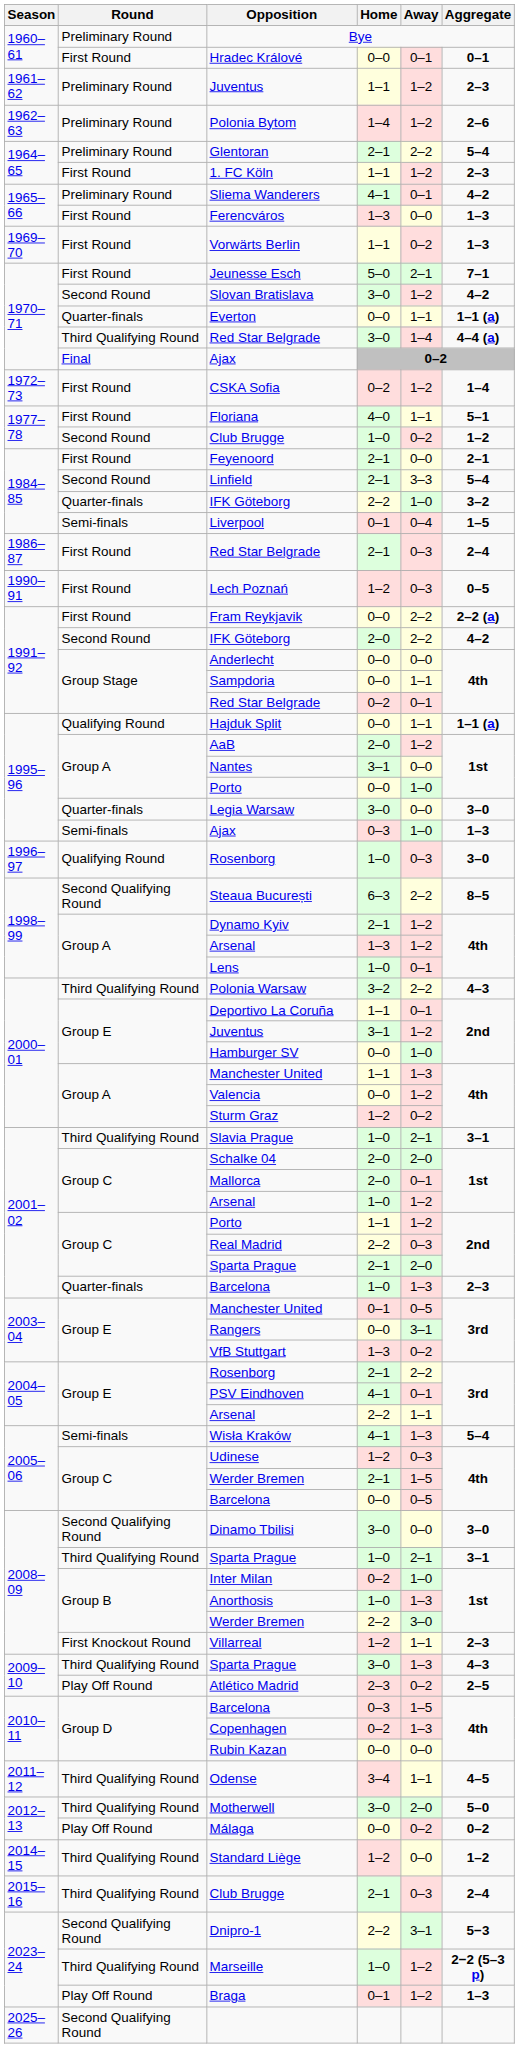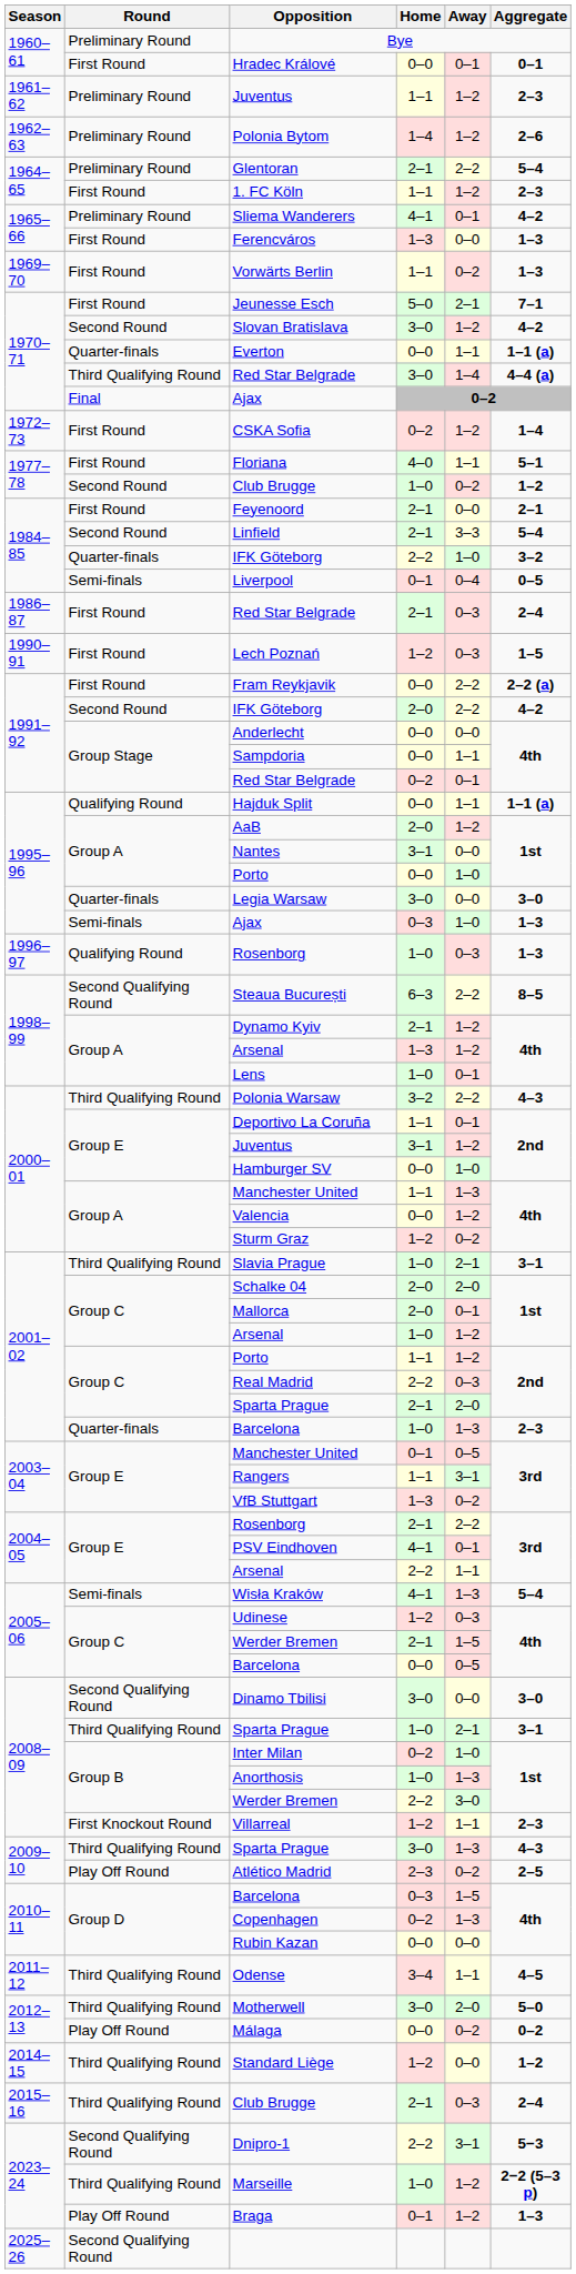 <table class="wikitable">
 <tr>
 <th>Season</th>
 <th width=200>Round</th>
 <th width=200>Opposition</th>
 <th>Home</th>
 <th>Away</th>
 <th>Aggregate</th>
 </tr>
 <tr>
 <td rowspan=2><a href='#'>1960–61</a></td>
 <td>Preliminary Round</td>
 <td colspan=4 style="text-align:center;"><a href='#'>Bye</a></td>
 </tr>
 <tr>
 <td>First Round</td>
 <td align=left> <a href='#'>Hradec Králové</a></td>
 <td style="text-align:center; background:#ffd;">0–0</td>
 <td style="text-align:center; background:#fdd;">0–1</td>
 <td style="text-align:center;"><strong>0–1</strong></td>
 </tr>
 <tr>
 <td><a href='#'>1961–62</a></td>
 <td>Preliminary Round</td>
 <td align=left> <a href='#'>Juventus</a></td>
 <td style="text-align:center; background:#ffd;">1–1</td>
 <td style="text-align:center; background:#fdd;">1–2</td>
 <td style="text-align:center;"><strong>2–3</strong></td>
 </tr>
 <tr>
 <td><a href='#'>1962–63</a></td>
 <td>Preliminary Round</td>
 <td align=left> <a href='#'>Polonia Bytom</a></td>
 <td style="text-align:center; background:#fdd;">1–4</td>
 <td style="text-align:center; background:#fdd;">1–2</td>
 <td style="text-align:center;"><strong>2–6</strong></td>
 </tr>
 <tr>
 <td rowspan=2><a href='#'>1964–65</a></td>
 <td>Preliminary Round</td>
 <td align=left> <a href='#'>Glentoran</a></td>
 <td style="text-align:center; background:#dfd;">2–1</td>
 <td style="text-align:center; background:#ffd;">2–2</td>
 <td style="text-align:center;"><strong>5–4</strong></td>
 </tr>
 <tr>
 <td>First Round</td>
 <td align=left> <a href='#'>1. FC Köln</a></td>
 <td style="text-align:center; background:#ffd;">1–1</td>
 <td style="text-align:center; background:#fdd;">1–2</td>
 <td style="text-align:center;"><strong>2–3</strong></td>
 </tr>
 <tr>
 <td rowspan=2><a href='#'>1965–66</a></td>
 <td>Preliminary Round</td>
 <td align=left> <a href='#'>Sliema Wanderers</a></td>
 <td style="text-align:center; background:#dfd;">4–1</td>
 <td style="text-align:center; background:#fdd;">0–1</td>
 <td style="text-align:center;"><strong>4–2</strong></td>
 </tr>
 <tr>
 <td>First Round</td>
 <td align=left> <a href='#'>Ferencváros</a></td>
 <td style="text-align:center; background:#fdd;">1–3</td>
 <td style="text-align:center; background:#ffd;">0–0</td>
 <td style="text-align:center;"><strong>1–3</strong></td>
 </tr>
 <tr>
 <td><a href='#'>1969–70</a></td>
 <td>First Round</td>
 <td align=left> <a href='#'>Vorwärts Berlin</a></td>
 <td style="text-align:center; background:#ffd;">1–1</td>
 <td style="text-align:center; background:#fdd;">0–2</td>
 <td style="text-align:center;"><strong>1–3</strong></td>
 </tr>
 <tr>
 <td rowspan=5><a href='#'>1970–71</a></td>
 <td>First Round</td>
 <td align=left> <a href='#'>Jeunesse Esch</a></td>
 <td style="text-align:center; background:#dfd;">5–0</td>
 <td style="text-align:center; background:#dfd;">2–1</td>
 <td style="text-align:center;"><strong>7–1</strong></td>
 </tr>
 <tr>
 <td>Second Round</td>
 <td align=left> <a href='#'>Slovan Bratislava</a></td>
 <td style="text-align:center; background:#dfd;">3–0</td>
 <td style="text-align:center; background:#fdd;">1–2</td>
 <td style="text-align:center;"><strong>4–2</strong></td>
 </tr>
 <tr>
 <td>Quarter-finals</td>
 <td align=left> <a href='#'>Everton</a></td>
 <td style="text-align:center; background:#ffd;">0–0</td>
 <td style="text-align:center; background:#ffd;">1–1</td>
 <td style="text-align:center;"><strong>1–1 (<a href='#'>a</a>)</strong></td>
 </tr>
 <tr>
 <td>Third Qualifying Round</td>
 <td align=left> <a href='#'>Red Star Belgrade</a></td>
 <td style="text-align:center; background:#dfd;">3–0</td>
 <td style="text-align:center; background:#fdd;">1–4</td>
 <td style="text-align:center;"><strong>4–4 (<a href='#'>a</a>)</strong></td>
 </tr>
 <tr>
 <td><a href='#'>Final</a></td>
 <td align=left> <a href='#'>Ajax</a></td>
 <td colspan=3 bgcolor=Silver style="text-align:center;"><strong>0–2</strong></td>
 </tr>
 <tr>
 <td><a href='#'>1972–73</a></td>
 <td>First Round</td>
 <td align=left> <a href='#'>CSKA Sofia</a></td>
 <td style="text-align:center; background:#fdd;">0–2</td>
 <td style="text-align:center; background:#fdd;">1–2</td>
 <td style="text-align:center;"><strong>1–4</strong></td>
 </tr>
 <tr>
 <td rowspan=2><a href='#'>1977–78</a></td>
 <td>First Round</td>
 <td align=left> <a href='#'>Floriana</a></td>
 <td style="text-align:center; background:#dfd;">4–0</td>
 <td style="text-align:center; background:#ffd;">1–1</td>
 <td style="text-align:center;"><strong>5–1</strong></td>
 </tr>
 <tr>
 <td>Second Round</td>
 <td align=left> <a href='#'>Club Brugge</a></td>
 <td style="text-align:center; background:#dfd;">1–0</td>
 <td style="text-align:center; background:#fdd;">0–2</td>
 <td style="text-align:center;"><strong>1–2</strong></td>
 </tr>
 <tr>
 <td rowspan=4><a href='#'>1984–85</a></td>
 <td>First Round</td>
 <td align=left> <a href='#'>Feyenoord</a></td>
 <td style="text-align:center; background:#dfd;">2–1</td>
 <td style="text-align:center; background:#ffd;">0–0</td>
 <td style="text-align:center;"><strong>2–1</strong></td>
 </tr>
 <tr>
 <td>Second Round</td>
 <td align=left> <a href='#'>Linfield</a></td>
 <td style="text-align:center; background:#dfd;">2–1</td>
 <td style="text-align:center; background:#ffd;">3–3</td>
 <td style="text-align:center;"><strong>5–4</strong></td>
 </tr>
 <tr>
 <td>Quarter-finals</td>
 <td align=left> <a href='#'>IFK Göteborg</a></td>
 <td style="text-align:center; background:#ffd;">2–2</td>
 <td style="text-align:center; background:#dfd;">1–0</td>
 <td style="text-align:center;"><strong>3–2</strong></td>
 </tr>
 <tr>
 <td>Semi-finals</td>
 <td align=left> <a href='#'>Liverpool</a></td>
 <td style="text-align:center; background:#fdd;">0–1</td>
 <td style="text-align:center; background:#fdd;">0–4</td>
-<td style="text-align:center;"><strong>1–5</strong></td>
+<td style="text-align:center;"><strong>0–5</strong></td>
 </tr>
 <tr>
 <td><a href='#'>1986–87</a></td>
 <td>First Round</td>
 <td align=left> <a href='#'>Red Star Belgrade</a></td>
 <td style="text-align:center; background:#dfd;">2–1</td>
 <td style="text-align:center; background:#fdd;">0–3</td>
 <td style="text-align:center;"><strong>2–4</strong></td>
 </tr>
 <tr>
 <td><a href='#'>1990–91</a></td>
 <td>First Round</td>
 <td align=left> <a href='#'>Lech Poznań</a></td>
 <td style="text-align:center; background:#fdd;">1–2</td>
 <td style="text-align:center; background:#fdd;">0–3</td>
-<td style="text-align:center;"><strong>0–5</strong></td>
+<td style="text-align:center;"><strong>1–5</strong></td>
 </tr>
 <tr>
 <td rowspan=5><a href='#'>1991–92</a></td>
 <td>First Round</td>
 <td align=left> <a href='#'>Fram Reykjavik</a></td>
 <td style="text-align:center; background:#ffd;">0–0</td>
 <td style="text-align:center; background:#ffd;">2–2</td>
 <td style="text-align:center;"><strong>2–2 (<a href='#'>a</a>)</strong></td>
 </tr>
 <tr>
 <td>Second Round</td>
 <td align=left> <a href='#'>IFK Göteborg</a></td>
 <td style="text-align:center; background:#dfd;">2–0</td>
 <td style="text-align:center; background:#ffd;">2–2</td>
 <td style="text-align:center;"><strong>4–2</strong></td>
 </tr>
 <tr>
 <td rowspan=3>Group Stage</td>
 <td align=left> <a href='#'>Anderlecht</a></td>
 <td style="text-align:center; background:#ffd;">0–0</td>
 <td style="text-align:center; background:#ffd;">0–0</td>
 <td style="text-align:center;" rowspan=3><strong>4th</strong></td>
 </tr>
 <tr>
 <td align=left> <a href='#'>Sampdoria</a></td>
 <td style="text-align:center; background:#ffd;">0–0</td>
 <td style="text-align:center; background:#ffd;">1–1</td>
 </tr>
 <tr>
 <td align=left> <a href='#'>Red Star Belgrade</a></td>
 <td style="text-align:center; background:#fdd;">0–2</td>
 <td style="text-align:center; background:#fdd;">0–1</td>
 </tr>
 <tr>
 <td rowspan=6><a href='#'>1995–96</a></td>
 <td>Qualifying Round</td>
 <td align=left> <a href='#'>Hajduk Split</a></td>
 <td style="text-align:center; background:#ffd;">0–0</td>
 <td style="text-align:center; background:#ffd;">1–1</td>
 <td style="text-align:center;"><strong>1–1 (<a href='#'>a</a>)</strong></td>
 </tr>
 <tr>
 <td rowspan=3>Group A</td>
 <td align=left> <a href='#'>AaB</a></td>
 <td style="text-align:center; background:#dfd;">2–0</td>
 <td style="text-align:center; background:#fdd;">1–2</td>
 <td style="text-align:center;" rowspan=3><strong>1st</strong></td>
 </tr>
 <tr>
 <td align=left> <a href='#'>Nantes</a></td>
 <td style="text-align:center; background:#dfd;">3–1</td>
 <td style="text-align:center; background:#ffd;">0–0</td>
 </tr>
 <tr>
 <td align=left> <a href='#'>Porto</a></td>
 <td style="text-align:center; background:#ffd;">0–0</td>
 <td style="text-align:center; background:#dfd;">1–0</td>
 </tr>
 <tr>
 <td>Quarter-finals</td>
 <td align=left> <a href='#'>Legia Warsaw</a></td>
 <td style="text-align:center; background:#dfd;">3–0</td>
 <td style="text-align:center; background:#ffd;">0–0</td>
 <td style="text-align:center;"><strong>3–0</strong></td>
 </tr>
 <tr>
 <td>Semi-finals</td>
 <td align=left> <a href='#'>Ajax</a></td>
 <td style="text-align:center; background:#fdd;">0–3</td>
 <td style="text-align:center; background:#dfd;">1–0</td>
 <td style="text-align:center;"><strong>1–3</strong></td>
 </tr>
 <tr>
 <td><a href='#'>1996–97</a></td>
 <td>Qualifying Round</td>
 <td align=left> <a href='#'>Rosenborg</a></td>
 <td style="text-align:center; background:#dfd;">1–0</td>
 <td style="text-align:center; background:#fdd;">0–3</td>
-<td style="text-align:center;"><strong>3–0</strong></td>
+<td style="text-align:center;"><strong>1–3</strong></td>
 </tr>
 <tr>
 <td rowspan=4><a href='#'>1998–99</a></td>
 <td>Second Qualifying Round</td>
 <td align=left> <a href='#'>Steaua București</a></td>
 <td style="text-align:center; background:#dfd;">6–3</td>
 <td style="text-align:center; background:#ffd;">2–2</td>
 <td style="text-align:center;"><strong>8–5</strong></td>
 </tr>
 <tr>
 <td rowspan=3>Group A</td>
 <td align=left> <a href='#'>Dynamo Kyiv</a></td>
 <td style="text-align:center; background:#dfd;">2–1</td>
 <td style="text-align:center; background:#fdd;">1–2</td>
 <td style="text-align:center;" rowspan=3><strong>4th</strong></td>
 </tr>
 <tr>
 <td align=left> <a href='#'>Arsenal</a></td>
 <td style="text-align:center; background:#fdd;">1–3</td>
 <td style="text-align:center; background:#fdd;">1–2</td>
 </tr>
 <tr>
 <td align=left> <a href='#'>Lens</a></td>
 <td style="text-align:center; background:#dfd;">1–0</td>
 <td style="text-align:center; background:#fdd;">0–1</td>
 </tr>
 <tr>
 <td rowspan=7><a href='#'>2000–01</a></td>
 <td>Third Qualifying Round</td>
 <td align=left> <a href='#'>Polonia Warsaw</a></td>
 <td style="text-align:center; background:#dfd;">3–2</td>
 <td style="text-align:center; background:#ffd;">2–2</td>
 <td style="text-align:center;"><strong>4–3</strong></td>
 </tr>
 <tr>
 <td rowspan=3>Group E</td>
 <td align=left> <a href='#'>Deportivo La Coruña</a></td>
 <td style="text-align:center; background:#ffd;">1–1</td>
 <td style="text-align:center; background:#fdd;">0–1</td>
 <td style="text-align:center;" rowspan=3><strong>2nd</strong></td>
 </tr>
 <tr>
 <td align=left> <a href='#'>Juventus</a></td>
 <td style="text-align:center; background:#dfd;">3–1</td>
 <td style="text-align:center; background:#fdd;">1–2</td>
 </tr>
 <tr>
 <td align=left> <a href='#'>Hamburger SV</a></td>
 <td style="text-align:center; background:#ffd;">0–0</td>
 <td style="text-align:center; background:#dfd;">1–0</td>
 </tr>
 <tr>
 <td rowspan=3>Group A</td>
 <td align=left> <a href='#'>Manchester United</a></td>
 <td style="text-align:center; background:#ffd;">1–1</td>
 <td style="text-align:center; background:#fdd;">1–3</td>
 <td style="text-align:center;" rowspan=3><strong>4th</strong></td>
 </tr>
 <tr>
 <td align=left> <a href='#'>Valencia</a></td>
 <td style="text-align:center; background:#ffd;">0–0</td>
 <td style="text-align:center; background:#fdd;">1–2</td>
 </tr>
 <tr>
 <td align=left> <a href='#'>Sturm Graz</a></td>
 <td style="text-align:center; background:#fdd;">1–2</td>
 <td style="text-align:center; background:#fdd;">0–2</td>
 </tr>
 <tr>
 <td rowspan=8><a href='#'>2001–02</a></td>
 <td>Third Qualifying Round</td>
 <td align=left> <a href='#'>Slavia Prague</a></td>
 <td style="text-align:center; background:#dfd;">1–0</td>
 <td style="text-align:center; background:#dfd;">2–1</td>
 <td style="text-align:center;"><strong>3–1</strong></td>
 </tr>
 <tr>
 <td rowspan=3>Group C</td>
 <td align=left> <a href='#'>Schalke 04</a></td>
 <td style="text-align:center; background:#dfd;">2–0</td>
 <td style="text-align:center; background:#dfd;">2–0</td>
 <td style="text-align:center;" rowspan=3><strong>1st</strong></td>
 </tr>
 <tr>
 <td align=left> <a href='#'>Mallorca</a></td>
 <td style="text-align:center; background:#dfd;">2–0</td>
 <td style="text-align:center; background:#fdd;">0–1</td>
 </tr>
 <tr>
 <td align=left> <a href='#'>Arsenal</a></td>
 <td style="text-align:center; background:#dfd;">1–0</td>
 <td style="text-align:center; background:#fdd;">1–2</td>
 </tr>
 <tr>
 <td rowspan=3>Group C</td>
 <td align=left> <a href='#'>Porto</a></td>
 <td style="text-align:center; background:#ffd;">1–1</td>
 <td style="text-align:center; background:#fdd;">1–2</td>
 <td style="text-align:center;" rowspan=3><strong>2nd</strong></td>
 </tr>
 <tr>
 <td align=left> <a href='#'>Real Madrid</a></td>
 <td style="text-align:center; background:#ffd;">2–2</td>
 <td style="text-align:center; background:#fdd;">0–3</td>
 </tr>
 <tr>
 <td align=left> <a href='#'>Sparta Prague</a></td>
 <td style="text-align:center; background:#dfd;">2–1</td>
 <td style="text-align:center; background:#dfd;">2–0</td>
 </tr>
 <tr>
 <td>Quarter-finals</td>
 <td align=left> <a href='#'>Barcelona</a></td>
 <td style="text-align:center; background:#dfd;">1–0</td>
 <td style="text-align:center; background:#fdd;">1–3</td>
 <td style="text-align:center;"><strong>2–3</strong></td>
 </tr>
 <tr>
 <td rowspan=3><a href='#'>2003–04</a></td>
 <td rowspan=3>Group E</td>
 <td align=left> <a href='#'>Manchester United</a></td>
 <td style="text-align:center; background:#fdd;">0–1</td>
 <td style="text-align:center; background:#fdd;">0–5</td>
 <td style="text-align:center;" rowspan=3><strong>3rd</strong></td>
 </tr>
 <tr>
 <td align=left> <a href='#'>Rangers</a></td>
-<td style="text-align:center; background:#ffd;">0–0</td>
+<td style="text-align:center; background:#ffd;">1–1</td>
 <td style="text-align:center; background:#dfd;">3–1</td>
 </tr>
 <tr>
 <td align=left> <a href='#'>VfB Stuttgart</a></td>
 <td style="text-align:center; background:#fdd;">1–3</td>
 <td style="text-align:center; background:#fdd;">0–2</td>
 </tr>
 <tr>
 <td rowspan=3><a href='#'>2004–05</a></td>
 <td rowspan=3>Group E</td>
 <td align=left> <a href='#'>Rosenborg</a></td>
 <td style="text-align:center; background:#dfd;">2–1</td>
 <td style="text-align:center; background:#ffd;">2–2</td>
 <td style="text-align:center;" rowspan=3><strong>3rd</strong></td>
 </tr>
 <tr>
 <td align=left> <a href='#'>PSV Eindhoven</a></td>
 <td style="text-align:center; background:#dfd;">4–1</td>
 <td style="text-align:center; background:#fdd;">0–1</td>
 </tr>
 <tr>
 <td align=left> <a href='#'>Arsenal</a></td>
 <td style="text-align:center; background:#ffd;">2–2</td>
 <td style="text-align:center; background:#ffd;">1–1</td>
 </tr>
 <tr>
 <td rowspan=4><a href='#'>2005–06</a></td>
 <td>Semi-finals</td>
 <td align=left> <a href='#'>Wisła Kraków</a></td>
 <td style="text-align:center; background:#dfd;">4–1</td>
 <td style="text-align:center; background:#fdd;">1–3</td>
 <td style="text-align:center;"><strong>5–4</strong></td>
 </tr>
 <tr>
 <td rowspan=3>Group C</td>
 <td align=left> <a href='#'>Udinese</a></td>
 <td style="text-align:center; background:#fdd;">1–2</td>
 <td style="text-align:center; background:#fdd;">0–3</td>
 <td style="text-align:center;" rowspan=3><strong>4th</strong></td>
 </tr>
 <tr>
 <td align=left> <a href='#'>Werder Bremen</a></td>
 <td style="text-align:center; background:#dfd;">2–1</td>
 <td style="text-align:center; background:#fdd;">1–5</td>
 </tr>
 <tr>
 <td align=left> <a href='#'>Barcelona</a></td>
 <td style="text-align:center; background:#ffd;">0–0</td>
 <td style="text-align:center; background:#fdd;">0–5</td>
 </tr>
 <tr>
 <td rowspan=6><a href='#'>2008–09</a></td>
 <td>Second Qualifying Round</td>
 <td align=left> <a href='#'>Dinamo Tbilisi</a></td>
 <td style="text-align:center; background:#dfd;">3–0</td>
 <td style="text-align:center; background:#ffd;">0–0</td>
 <td style="text-align:center;"><strong>3–0</strong></td>
 </tr>
 <tr>
 <td>Third Qualifying Round</td>
 <td align=left> <a href='#'>Sparta Prague</a></td>
 <td style="text-align:center; background:#dfd;">1–0</td>
 <td style="text-align:center; background:#dfd;">2–1</td>
 <td style="text-align:center;"><strong>3–1</strong></td>
 </tr>
 <tr>
 <td rowspan=3>Group B</td>
 <td align=left> <a href='#'>Inter Milan</a></td>
 <td style="text-align:center; background:#fdd;">0–2</td>
 <td style="text-align:center; background:#dfd;">1–0</td>
 <td style="text-align:center;" rowspan=3><strong>1st</strong></td>
 </tr>
 <tr>
 <td align=left> <a href='#'>Anorthosis</a></td>
 <td style="text-align:center; background:#dfd;">1–0</td>
 <td style="text-align:center; background:#fdd;">1–3</td>
 </tr>
 <tr>
 <td align=left> <a href='#'>Werder Bremen</a></td>
 <td style="text-align:center; background:#ffd;">2–2</td>
 <td style="text-align:center; background:#dfd;">3–0</td>
 </tr>
 <tr>
 <td>First Knockout Round</td>
 <td align=left> <a href='#'>Villarreal</a></td>
 <td style="text-align:center; background:#fdd;">1–2</td>
 <td style="text-align:center; background:#ffd;">1–1</td>
 <td style="text-align:center;"><strong>2–3</strong></td>
 </tr>
 <tr>
 <td rowspan=2><a href='#'>2009–10</a></td>
 <td>Third Qualifying Round</td>
 <td align=left> <a href='#'>Sparta Prague</a></td>
 <td style="text-align:center; background:#dfd;">3–0</td>
 <td style="text-align:center; background:#fdd;">1–3</td>
 <td style="text-align:center;"><strong>4–3</strong></td>
 </tr>
 <tr>
 <td>Play Off Round</td>
 <td align=left> <a href='#'>Atlético Madrid</a></td>
 <td style="text-align:center; background:#fdd;">2–3</td>
 <td style="text-align:center; background:#fdd;">0–2</td>
 <td style="text-align:center;"><strong>2–5</strong></td>
 </tr>
 <tr>
 <td rowspan=3><a href='#'>2010–11</a></td>
 <td rowspan=3>Group D</td>
 <td align=left> <a href='#'>Barcelona</a></td>
 <td style="text-align:center; background:#fdd;">0–3</td>
 <td style="text-align:center; background:#fdd;">1–5</td>
 <td style="text-align:center;" rowspan=3><strong>4th</strong></td>
 </tr>
 <tr>
 <td align=left> <a href='#'>Copenhagen</a></td>
 <td style="text-align:center; background:#fdd;">0–2</td>
 <td style="text-align:center; background:#fdd;">1–3</td>
 </tr>
 <tr>
 <td align=left> <a href='#'>Rubin Kazan</a></td>
 <td style="text-align:center; background:#ffd;">0–0</td>
 <td style="text-align:center; background:#ffd;">0–0</td>
 </tr>
 <tr>
 <td><a href='#'>2011–12</a></td>
 <td>Third Qualifying Round</td>
 <td align=left> <a href='#'>Odense</a></td>
 <td style="text-align:center; background:#fdd;">3–4</td>
 <td style="text-align:center; background:#ffd;">1–1</td>
 <td style="text-align:center;"><strong>4–5</strong></td>
 </tr>
 <tr>
 <td rowspan=2><a href='#'>2012–13</a></td>
 <td>Third Qualifying Round</td>
 <td align=left> <a href='#'>Motherwell</a></td>
 <td style="text-align:center; background:#dfd;">3–0</td>
 <td style="text-align:center; background:#dfd;">2–0</td>
 <td style="text-align:center;"><strong>5–0</strong></td>
 </tr>
 <tr>
 <td>Play Off Round</td>
 <td align=left> <a href='#'>Málaga</a></td>
 <td style="text-align:center; background:#ffd;">0–0</td>
 <td style="text-align:center; background:#fdd;">0–2</td>
 <td style="text-align:center;"><strong>0–2</strong></td>
 </tr>
 <tr>
 <td><a href='#'>2014–15</a></td>
 <td>Third Qualifying Round</td>
 <td align=left> <a href='#'>Standard Liège</a></td>
 <td style="text-align:center; background:#fdd;">1–2</td>
 <td style="text-align:center; background:#ffd;">0–0</td>
 <td style="text-align:center;"><strong>1–2</strong></td>
 </tr>
 <tr>
 <td><a href='#'>2015–16</a></td>
 <td>Third Qualifying Round</td>
 <td align=left> <a href='#'>Club Brugge</a></td>
 <td style="text-align:center; background:#dfd;">2–1</td>
 <td style="text-align:center; background:#fdd;">0–3</td>
 <td style="text-align:center;"><strong>2–4</strong></td>
 </tr>
 <tr>
 <td rowspan=3><a href='#'>2023–24</a></td>
 <td>Second Qualifying Round</td>
 <td align=left> <a href='#'>Dnipro-1</a></td>
 <td style="text-align:center; background:#ffd;">2–2</td>
 <td style="text-align:center; background:#dfd;">3–1</td>
 <td style="text-align:center;"><strong>5−3</strong></td>
 </tr>
 <tr>
 <td>Third Qualifying Round</td>
 <td align=left> <a href='#'>Marseille</a></td>
 <td style="text-align:center; background:#dfd;">1–0</td>
 <td style="text-align:center; background:#fdd;">1–2</td>
 <td style="text-align:center;"><strong>2−2 (5–3 <a href='#'>p</a>)</strong></td>
 </tr>
 <tr>
 <td>Play Off Round</td>
 <td align=left> <a href='#'>Braga</a></td>
 <td style="text-align:center; background:#fdd;">0–1</td>
 <td style="text-align:center; background:#fdd;">1–2</td>
 <td style="text-align:center;"><strong>1–3</strong></td>
 </tr>
 <tr>
 <td><a href='#'>2025–26</a></td>
 <td>Second Qualifying Round</td>
 <td align=left></td>
 <td style="text-align:center;"></td>
 <td style="text-align:center;"></td>
 <td style="text-align:center;"></td>
 </tr>
 </table>
